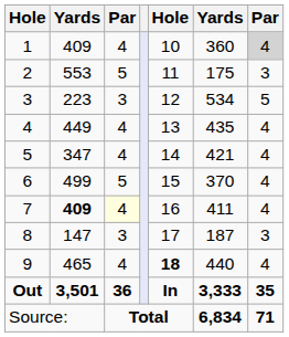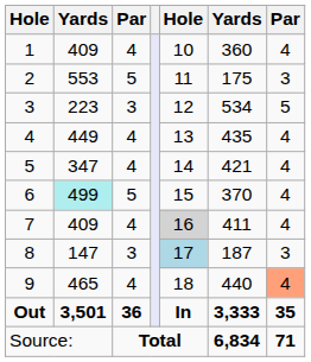 <table class="wikitable" style="text-align:center;">
 <tr>
 <th>Hole</th>
 <th>Yards</th>
 <th>Par</th>
 <th></th>
 <th>Hole</th>
 <th>Yards</th>
 <th>Par</th>
 </tr>
 <tr>
 <td>1</td>
 <td>409</td>
 <td>4</td>
 <td rowspan="10" style="background:#E6E8FA;"></td>
 <td>10</td>
 <td>360</td>
-<td style="background: lightgrey;">4</td>
+<td>4</td>
 </tr>
 <tr>
 <td>2</td>
 <td>553</td>
 <td>5</td>
 <td>11</td>
 <td>175</td>
 <td>3</td>
 </tr>
 <tr>
 <td>3</td>
 <td>223</td>
 <td>3</td>
 <td>12</td>
 <td>534</td>
 <td>5</td>
 </tr>
 <tr>
 <td>4</td>
 <td>449</td>
 <td>4</td>
 <td>13</td>
 <td>435</td>
 <td>4</td>
 </tr>
 <tr>
 <td>5</td>
 <td>347</td>
 <td>4</td>
 <td>14</td>
 <td>421</td>
 <td>4</td>
 </tr>
 <tr>
 <td>6</td>
-<td>499</td>
+<td style="background: paleturquoise;">499</td>
 <td>5</td>
 <td>15</td>
 <td>370</td>
 <td>4</td>
 </tr>
 <tr>
 <td>7</td>
-<td><strong>409</strong></td>
-<td style="background: lightyellow;">4</td>
-<td>16</td>
+<td>409</td>
+<td>4</td>
+<td style="background: lightgrey;">16</td>
 <td>411</td>
 <td>4</td>
 </tr>
 <tr>
 <td>8</td>
 <td>147</td>
 <td>3</td>
-<td>17</td>
+<td style="background: lightblue;">17</td>
 <td>187</td>
 <td>3</td>
 </tr>
 <tr>
 <td>9</td>
 <td>465</td>
 <td>4</td>
-<td><strong>18</strong></td>
+<td>18</td>
 <td>440</td>
-<td>4</td>
+<td style="background: lightsalmon;">4</td>
 </tr>
 <tr>
 <td><strong>Out</strong></td>
 <td><strong>3,501</strong></td>
 <td><strong>36</strong></td>
 <td><strong>In</strong></td>
 <td><strong>3,333</strong></td>
 <td><strong>35</strong></td>
 </tr>
 <tr>
 <td colspan="2" style="text-align:left;">Source:</td>
 <td colspan=3><strong>Total</strong></td>
 <td><strong>6,834</strong></td>
 <td><strong>71</strong></td>
 </tr>
 </table>
